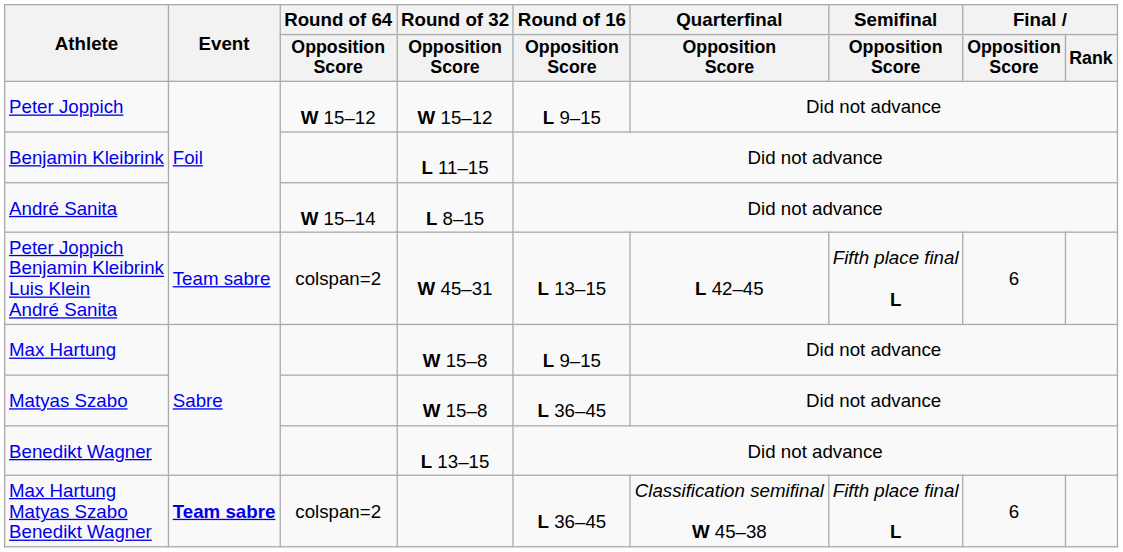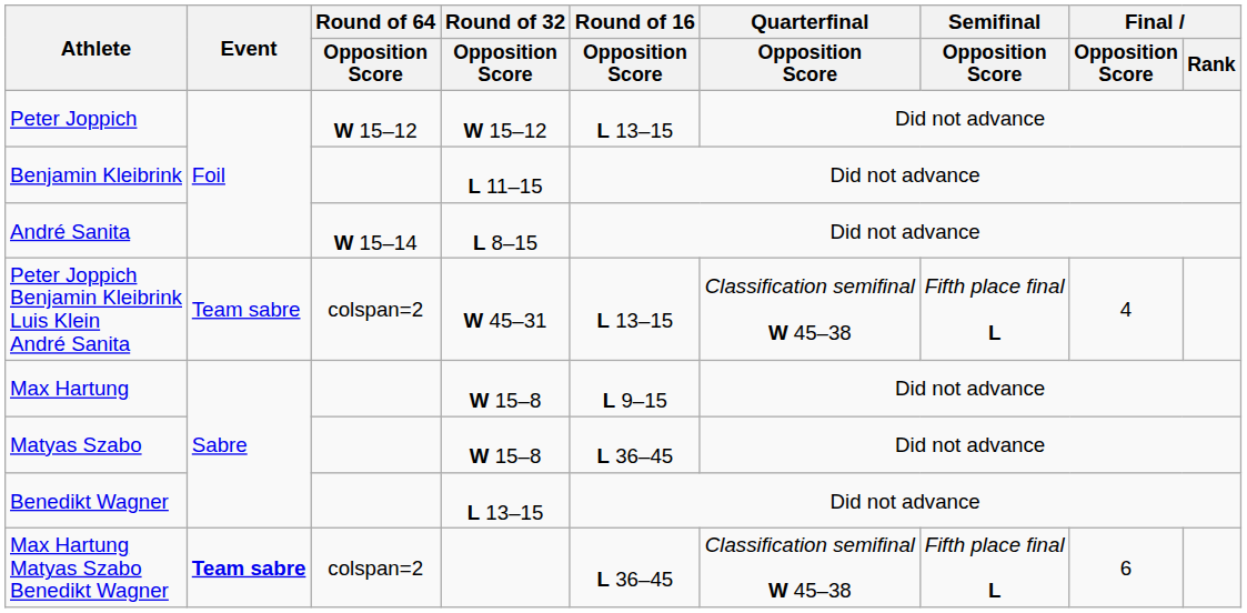 <table class="wikitable" style="font-size:90%">
 <tr>
 <th rowspan=2>Athlete</th>
 <th rowspan=2>Event</th>
 <th>Round of 64</th>
 <th>Round of 32</th>
 <th>Round of 16</th>
 <th>Quarterfinal</th>
 <th>Semifinal</th>
 <th colspan=2>Final / </th>
 </tr>
 <tr style="font-size:95%">
 <th>Opposition<br>Score</th>
 <th>Opposition<br>Score</th>
 <th>Opposition<br>Score</th>
 <th>Opposition<br>Score</th>
 <th>Opposition<br>Score</th>
 <th>Opposition<br>Score</th>
 <th>Rank</th>
 </tr>
 <tr align=center>
 <td align=left><a href='#'>Peter Joppich</a></td>
 <td align=left rowspan=3><a href='#'>Foil</a></td>
 <td><br><strong>W</strong> 15–12</td>
 <td><br><strong>W</strong> 15–12</td>
-<td><br><strong>L</strong> 9–15</td>
+<td><br><strong>L</strong> 13–15</td>
 <td colspan=4>Did not advance</td>
 </tr>
 <tr align=center>
 <td align=left><a href='#'>Benjamin Kleibrink</a></td>
 <td></td>
 <td><br><strong>L</strong> 11–15</td>
 <td colspan=5>Did not advance</td>
 </tr>
 <tr align=center>
 <td align=left><a href='#'>André Sanita</a></td>
 <td><br><strong>W</strong> 15–14</td>
 <td><br><strong>L</strong> 8–15</td>
 <td colspan=5>Did not advance</td>
 </tr>
 <tr align=center>
 <td align=left><a href='#'>Peter Joppich</a><br><a href='#'>Benjamin Kleibrink</a><br><a href='#'>Luis Klein</a><br><a href='#'>André Sanita</a></td>
 <td align=left><a href='#'>Team sabre</a></td>
 <td>colspan=2 </td>
 <td><br><strong>W</strong> 45–31</td>
 <td><br><strong>L</strong> 13–15</td>
-<td><br><strong>L</strong> 42–45</td>
+<td><em>Classification semifinal</em><br><br><strong>W</strong> 45–38</td>
 <td><em>Fifth place final</em><br><br><strong>L</strong> </td>
-<td>6</td>
+<td>4</td>
 </tr>
 <tr align=center>
 <td align=left><a href='#'>Max Hartung</a></td>
 <td align=left rowspan=3><a href='#'>Sabre</a></td>
 <td></td>
 <td><br><strong>W</strong> 15–8</td>
 <td><br><strong>L</strong> 9–15</td>
 <td colspan=4>Did not advance</td>
 </tr>
 <tr align=center>
 <td align=left><a href='#'>Matyas Szabo</a></td>
 <td></td>
 <td><br><strong>W</strong> 15–8</td>
 <td><br><strong>L</strong> 36–45</td>
 <td colspan=4>Did not advance</td>
 </tr>
 <tr align=center>
 <td align=left><a href='#'>Benedikt Wagner</a></td>
 <td></td>
 <td><br><strong>L</strong> 13–15</td>
 <td colspan=5>Did not advance</td>
 </tr>
 <tr align=center>
 <td align=left><a href='#'>Max Hartung</a><br><a href='#'>Matyas Szabo</a><br><a href='#'>Benedikt Wagner</a></td>
 <td align=left><strong><a href='#'>Team sabre</a></strong></td>
 <td>colspan=2 </td>
 <td></td>
 <td><br><strong>L</strong> 36–45</td>
 <td><em>Classification semifinal</em><br><br><strong>W</strong> 45–38</td>
 <td><em>Fifth place final</em><br><br><strong>L</strong> </td>
 <td>6</td>
 </tr>
 </table>
